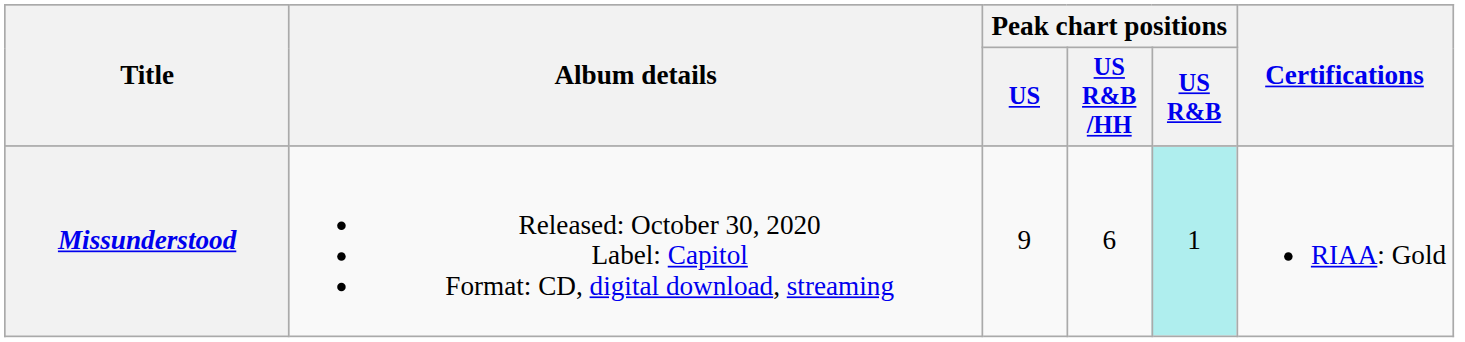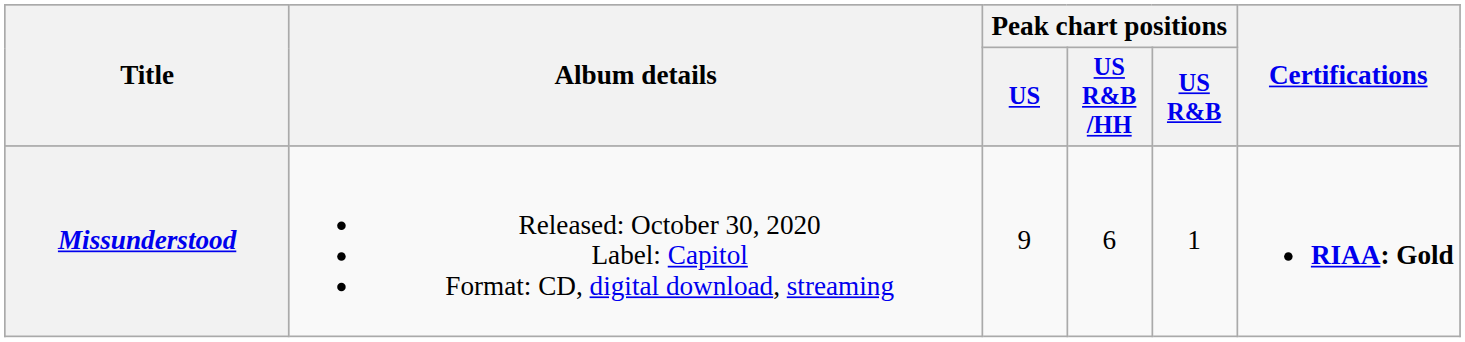 <table class="wikitable plainrowheaders" style="text-align:center;">
 <tr>
 <th scope="col" rowspan="2" style="width:10em;">Title</th>
 <th scope="col" rowspan="2" style="width:25em;">Album details</th>
 <th scope="col" colspan="3">Peak chart positions</th>
 <th rowspan="2"><a href='#'>Certifications</a></th>
 </tr>
 <tr>
 <th scope="col" style="width:3em;font-size:90%;"><a href='#'>US</a><br></th>
 <th scope="col" style="width:3em;font-size:90%;"><a href='#'>US<br>R&B<br>/HH</a><br></th>
 <th scope="col" style="width:3em;font-size:90%;"><a href='#'>US R&B</a><br></th>
 </tr>
 <tr>
 <th scope="row"><em><a href='#'>Missunderstood</a></em></th>
 <td><br><ul><li>Released: October 30, 2020</li><li>Label: <a href='#'>Capitol</a></li><li>Format: CD, <a href='#'>digital download</a>, <a href='#'>streaming</a></li></ul></td>
 <td>9</td>
 <td>6</td>
-<td style="background: paleturquoise;">1</td>
-<td><br><ul><li><a href='#'>RIAA</a>: Gold</li></ul></td>
+<td>1</td>
+<td><strong><br><ul><li><a href='#'>RIAA</a>: Gold</li></ul></strong></td>
 </tr>
 </table>
